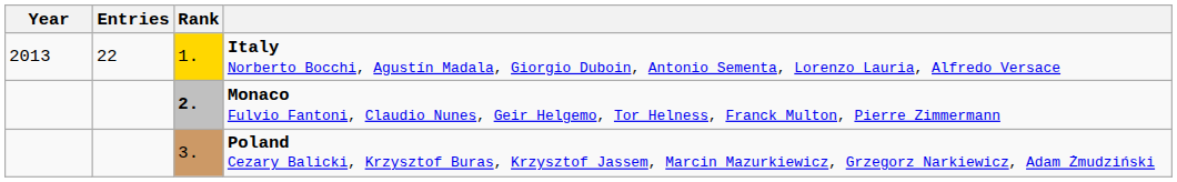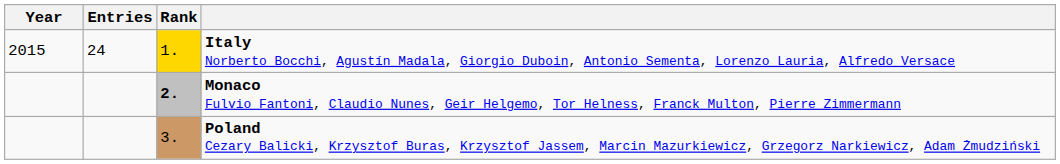 <table class="wikitable" style="width:100%;">
 <tr>
 <th>Year</th>
 <th>Entries</th>
 <th>Rank</th>
 <th></th>
 </tr>
 <tr>
-<td width=60>2013  </td>
-<td>22</td>
+<td width=60>2015  </td>
+<td>24</td>
 <td style="background:gold; width:30px;">1.</td>
 <td> <strong>Italy</strong> <br><small><a href='#'>Norberto Bocchi</a>, <a href='#'>Agustín Madala</a>, <a href='#'>Giorgio Duboin</a>, <a href='#'>Antonio Sementa</a>, <a href='#'>Lorenzo Lauria</a>, <a href='#'>Alfredo Versace</a></small></td>
 </tr>
 <tr>
 <td></td>
 <td></td>
 <td style="background:silver;"><strong>2.</strong></td>
 <td> <strong>Monaco</strong> <br><small><a href='#'>Fulvio Fantoni</a>, <a href='#'>Claudio Nunes</a>, <a href='#'>Geir Helgemo</a>, <a href='#'>Tor Helness</a>, <a href='#'>Franck Multon</a>, <a href='#'>Pierre Zimmermann</a></small></td>
 </tr>
 <tr>
 <td></td>
 <td></td>
 <td style="background:#c96;">3.</td>
 <td> <strong>Poland</strong> <br><small><a href='#'>Cezary Balicki</a>, <a href='#'>Krzysztof Buras</a>, <a href='#'>Krzysztof Jassem</a>, <a href='#'>Marcin Mazurkiewicz</a>, <a href='#'>Grzegorz Narkiewicz</a>, <a href='#'>Adam Żmudziński</a></small></td>
 </tr>
 </table>
